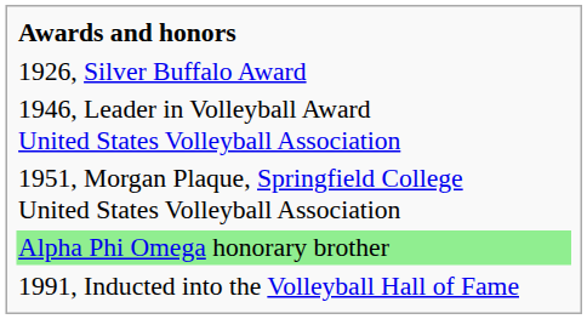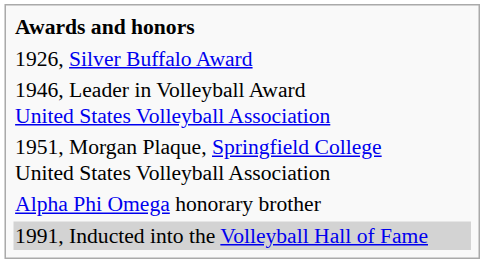 <table table class="infobox" style="width: 22em; font-size:90%; text-align: left; align: right;" cellspacing="2">
 <tr>
 <td><strong>Awards and honors</strong></td>
 </tr>
 <tr>
 <td>1926, <a href='#'>Silver Buffalo Award</a></td>
 </tr>
 <tr>
 <td>1946, Leader in Volleyball Award<br><a href='#'>United States Volleyball Association</a></td>
 </tr>
 <tr>
 <td>1951, Morgan Plaque, <a href='#'>Springfield College</a><br>United States Volleyball Association</td>
 </tr>
 <tr>
-<td style="background: lightgreen;"><a href='#'>Alpha Phi Omega</a> honorary brother</td>
+<td><a href='#'>Alpha Phi Omega</a> honorary brother</td>
 </tr>
 <tr>
-<td>1991, Inducted into the <a href='#'>Volleyball Hall of Fame</a></td>
+<td style="background: lightgrey;">1991, Inducted into the <a href='#'>Volleyball Hall of Fame</a></td>
 </tr>
 </table>
